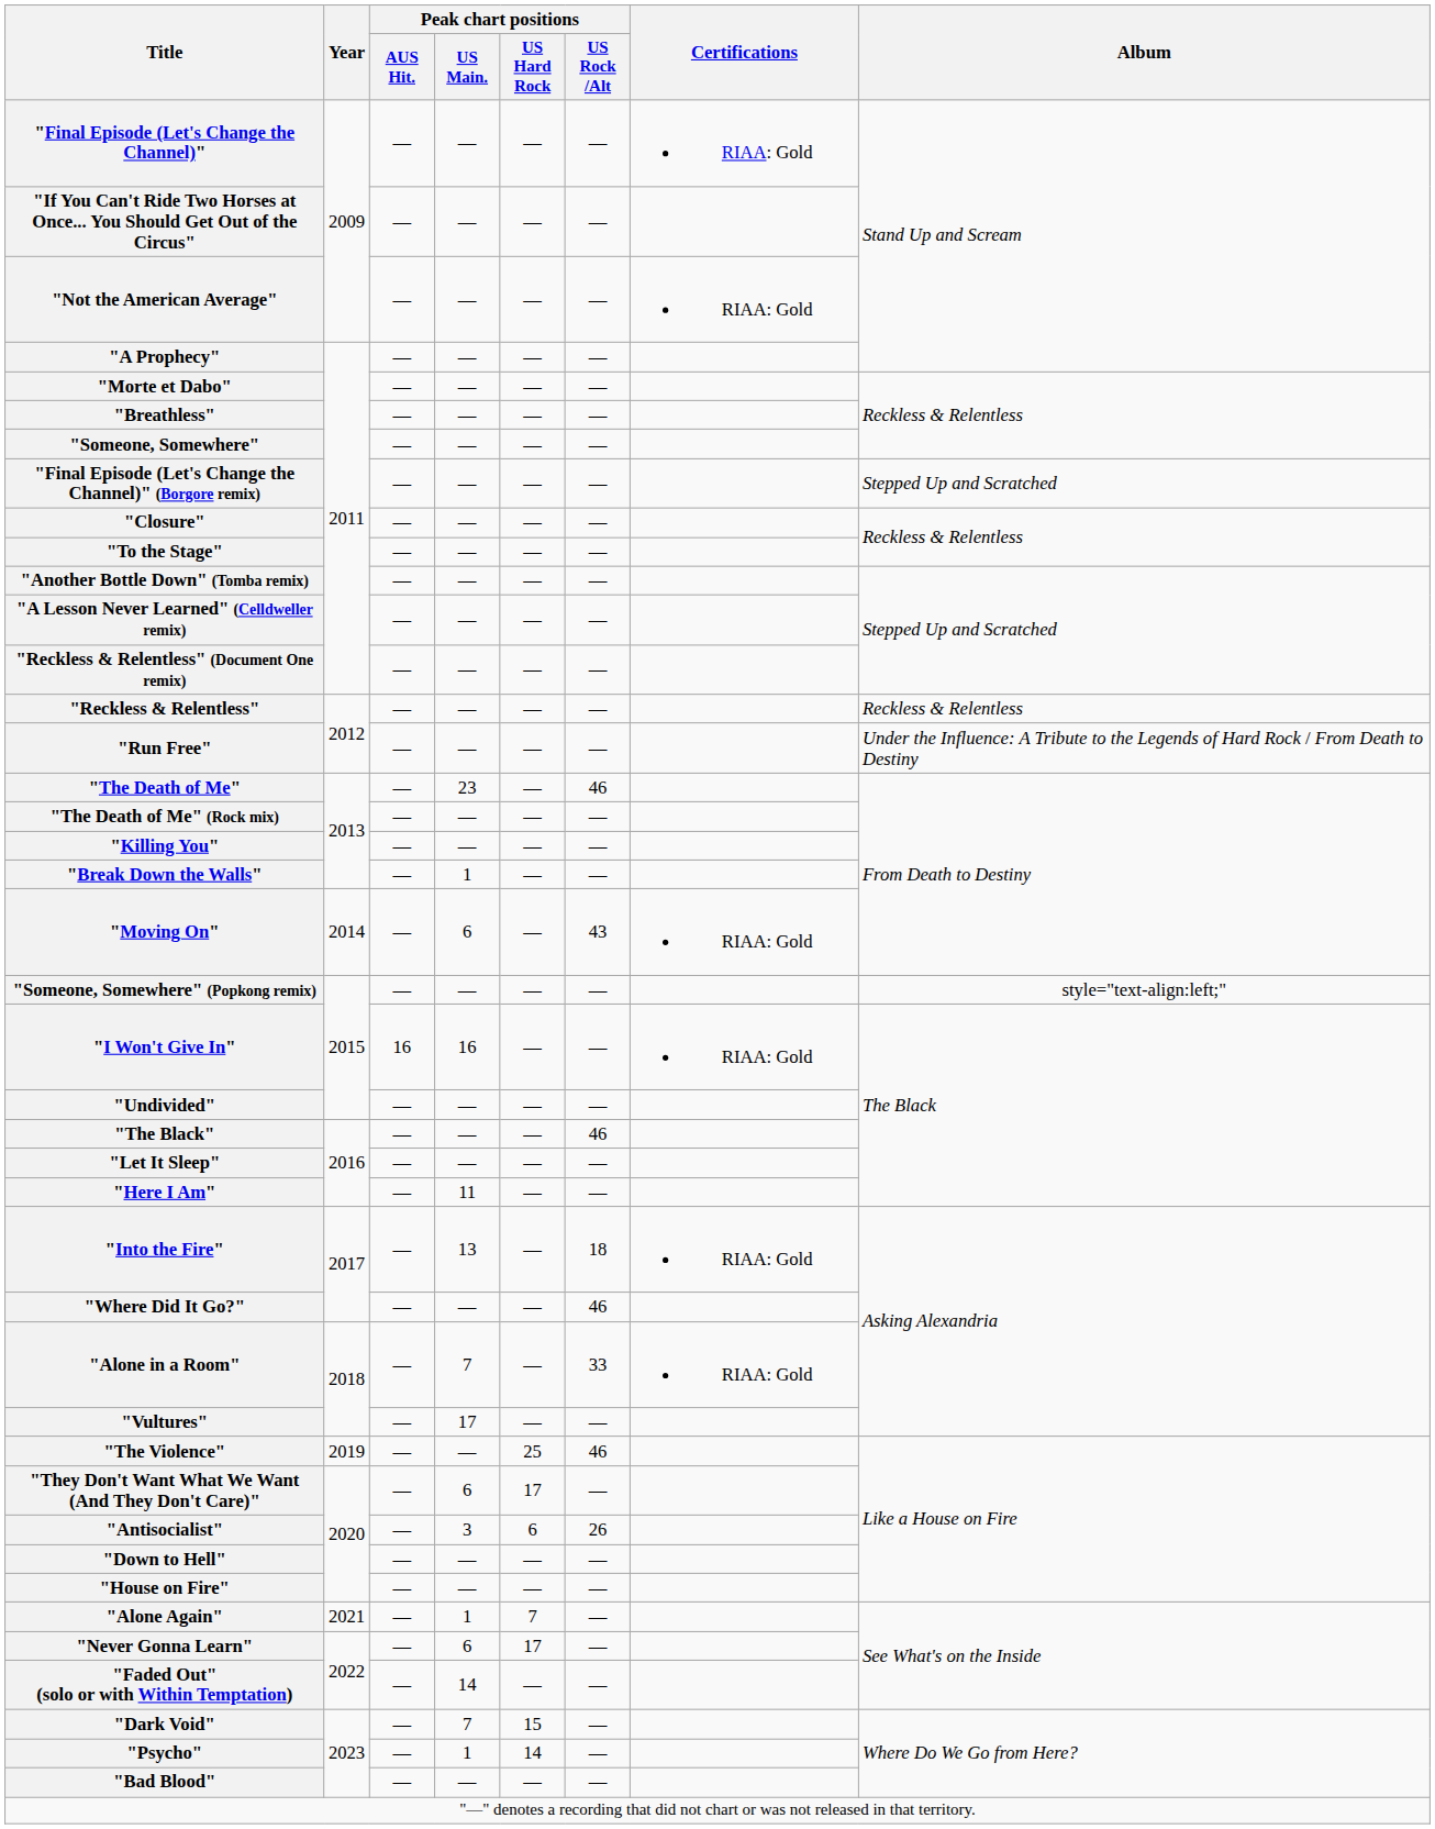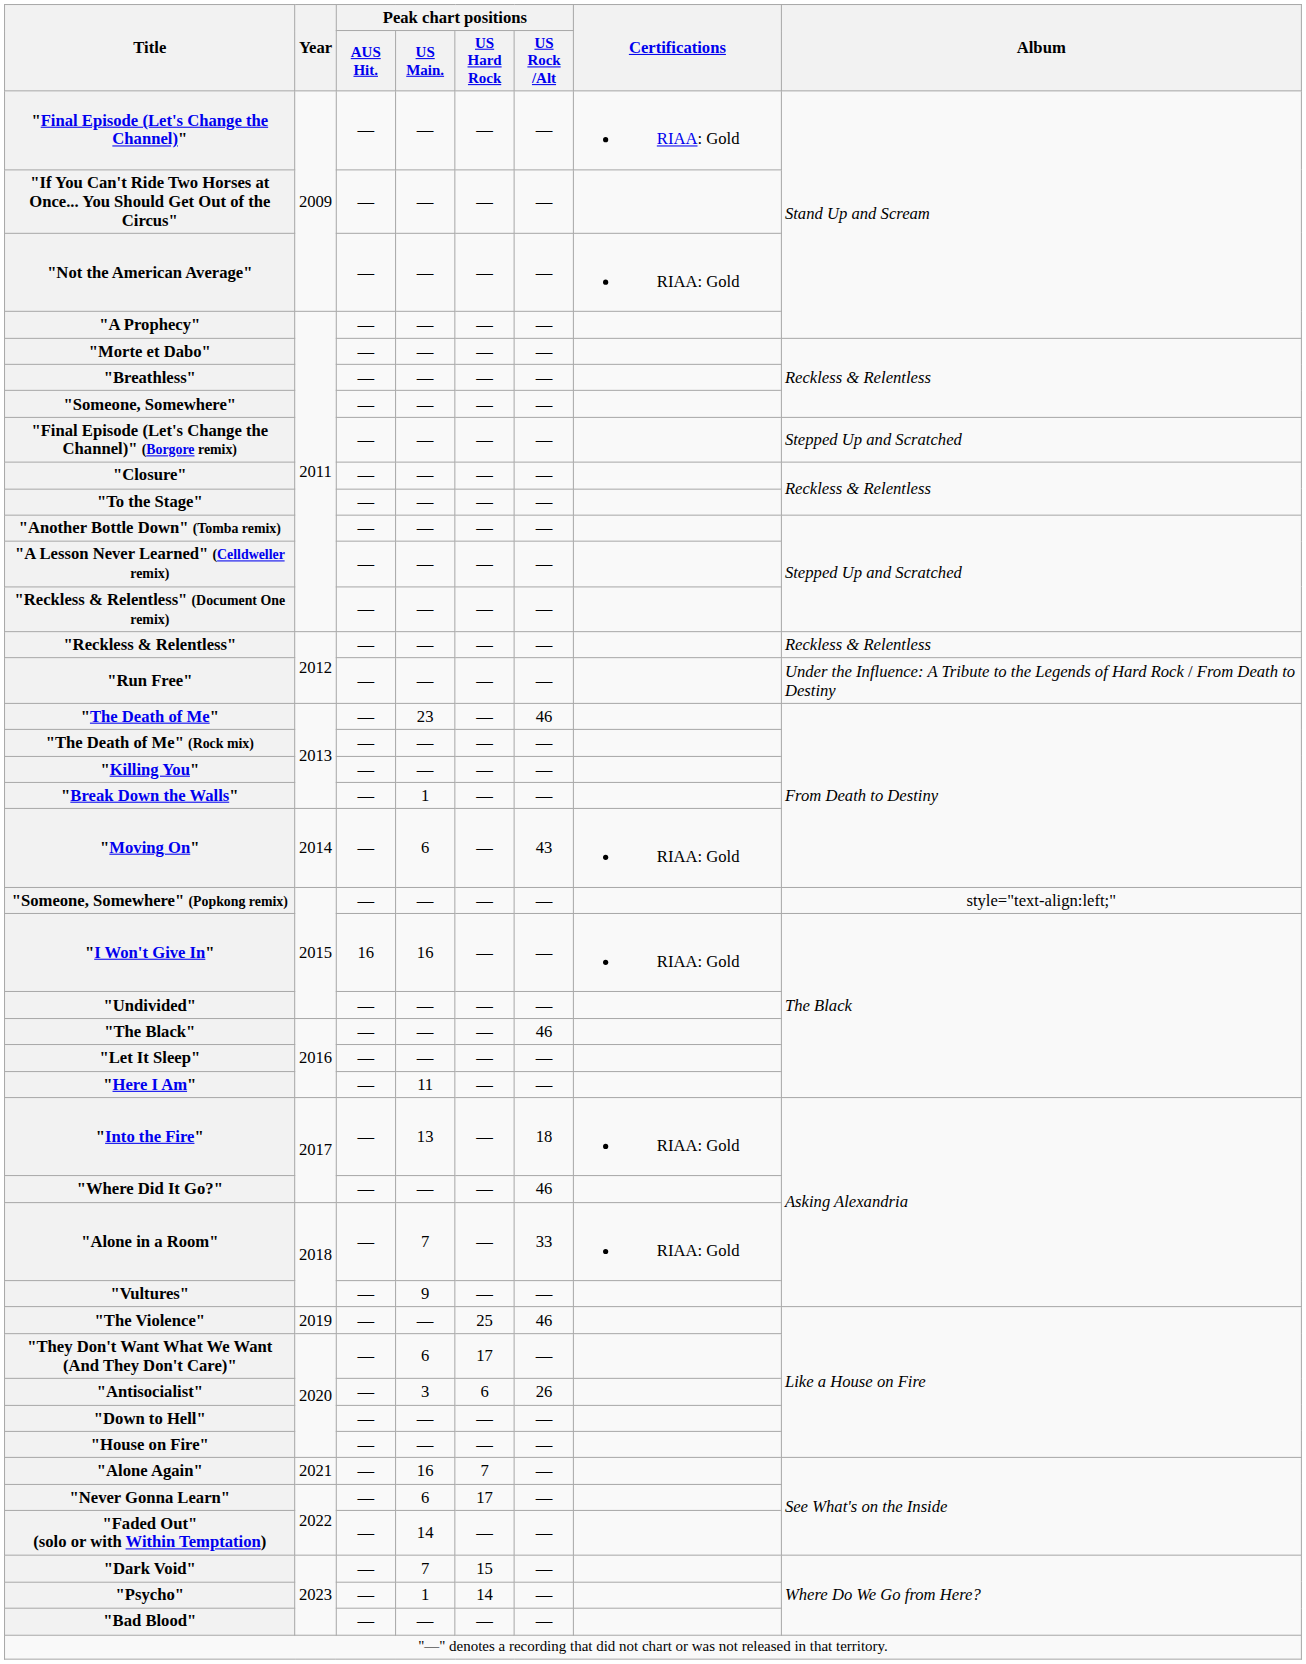 <table class="wikitable plainrowheaders" style="text-align:center;">
 <tr>
 <th scope="col" rowspan="2" style="width:17em;">Title</th>
 <th scope="col" rowspan="2">Year</th>
 <th scope="col" colspan="4">Peak chart positions</th>
 <th scope="col" rowspan="2" style="width:12em;"><a href='#'>Certifications</a></th>
 <th scope="col" rowspan="2">Album</th>
 </tr>
 <tr>
 <th style="width:3.5em;font-size:90%"><a href='#'>AUS<br>Hit.</a><br></th>
 <th style="width:3.5em;font-size:90%"><a href='#'>US<br>Main.</a><br></th>
 <th style="width:3.5em;font-size:90%"><a href='#'>US<br>Hard<br>Rock</a><br></th>
 <th style="width:3.5em;font-size:90%"><a href='#'>US<br>Rock<br>/Alt</a><br></th>
 </tr>
 <tr>
 <th scope="row">"<a href='#'>Final Episode (Let's Change the Channel)</a>"</th>
 <td rowspan="3">2009</td>
 <td>—</td>
 <td>—</td>
 <td>—</td>
 <td>—</td>
 <td><br><ul><li><a href='#'>RIAA</a>: Gold</li></ul></td>
 <td rowspan="4" style="text-align:left;"><em>Stand Up and Scream</em></td>
 </tr>
 <tr>
 <th scope="row">"If You Can't Ride Two Horses at Once... You Should Get Out of the Circus"</th>
 <td>—</td>
 <td>—</td>
 <td>—</td>
 <td>—</td>
 <td></td>
 </tr>
 <tr>
 <th scope="row">"Not the American Average"</th>
 <td>—</td>
 <td>—</td>
 <td>—</td>
 <td>—</td>
 <td><br><ul><li>RIAA: Gold</li></ul></td>
 </tr>
 <tr>
 <th scope="row">"A Prophecy"</th>
 <td rowspan="10">2011</td>
 <td>—</td>
 <td>—</td>
 <td>—</td>
 <td>—</td>
 <td></td>
 </tr>
 <tr>
 <th scope="row">"Morte et Dabo"</th>
 <td>—</td>
 <td>—</td>
 <td>—</td>
 <td>—</td>
 <td></td>
 <td rowspan="3" style="text-align:left;"><em>Reckless & Relentless</em></td>
 </tr>
 <tr>
 <th scope="row">"Breathless"</th>
 <td>—</td>
 <td>—</td>
 <td>—</td>
 <td>—</td>
 <td></td>
 </tr>
 <tr>
 <th scope="row">"Someone, Somewhere"</th>
 <td>—</td>
 <td>—</td>
 <td>—</td>
 <td>—</td>
 <td></td>
 </tr>
 <tr>
 <th scope="row">"Final Episode (Let's Change the Channel)" <small>(<a href='#'>Borgore</a> remix)</small></th>
 <td>—</td>
 <td>—</td>
 <td>—</td>
 <td>—</td>
 <td></td>
 <td style="text-align:left;"><em>Stepped Up and Scratched</em></td>
 </tr>
 <tr>
 <th scope="row">"Closure"</th>
 <td>—</td>
 <td>—</td>
 <td>—</td>
 <td>—</td>
 <td></td>
 <td rowspan="2" style="text-align:left;"><em>Reckless & Relentless</em></td>
 </tr>
 <tr>
 <th scope="row">"To the Stage"</th>
 <td>—</td>
 <td>—</td>
 <td>—</td>
 <td>—</td>
 <td></td>
 </tr>
 <tr>
 <th scope="row">"Another Bottle Down" <small>(Tomba remix)</small></th>
 <td>—</td>
 <td>—</td>
 <td>—</td>
 <td>—</td>
 <td></td>
 <td rowspan="3" style="text-align:left;"><em>Stepped Up and Scratched</em></td>
 </tr>
 <tr>
 <th scope="row">"A Lesson Never Learned" <small>(<a href='#'>Celldweller</a> remix)</small></th>
 <td>—</td>
 <td>—</td>
 <td>—</td>
 <td>—</td>
 <td></td>
 </tr>
 <tr>
 <th scope="row">"Reckless & Relentless" <small>(Document One remix)</small></th>
 <td>—</td>
 <td>—</td>
 <td>—</td>
 <td>—</td>
 <td></td>
 </tr>
 <tr>
 <th scope="row">"Reckless & Relentless"</th>
 <td rowspan="2">2012</td>
 <td>—</td>
 <td>—</td>
 <td>—</td>
 <td>—</td>
 <td></td>
 <td style="text-align:left;"><em>Reckless & Relentless</em></td>
 </tr>
 <tr>
 <th scope="row">"Run Free"</th>
 <td>—</td>
 <td>—</td>
 <td>—</td>
 <td>—</td>
 <td></td>
 <td style="text-align:left;"><em>Under the Influence: A Tribute to the Legends of Hard Rock</em> / <em>From Death to Destiny</em></td>
 </tr>
 <tr>
 <th scope="row">"<a href='#'>The Death of Me</a>"</th>
 <td rowspan="4">2013</td>
 <td>—</td>
 <td>23</td>
 <td>—</td>
 <td>46</td>
 <td></td>
 <td rowspan="5" style="text-align:left;"><em>From Death to Destiny</em></td>
 </tr>
 <tr>
 <th scope="row">"The Death of Me" <small>(Rock mix)</small></th>
 <td>—</td>
 <td>—</td>
 <td>—</td>
 <td>—</td>
 <td></td>
 </tr>
 <tr>
 <th scope="row">"<a href='#'>Killing You</a>"</th>
 <td>—</td>
 <td>—</td>
 <td>—</td>
 <td>—</td>
 <td></td>
 </tr>
 <tr>
 <th scope="row">"<a href='#'>Break Down the Walls</a>"</th>
 <td>—</td>
 <td>1</td>
 <td>—</td>
 <td>—</td>
 <td></td>
 </tr>
 <tr>
 <th scope="row">"<a href='#'>Moving On</a>"</th>
 <td>2014</td>
 <td>—</td>
 <td>6</td>
 <td>—</td>
 <td>43</td>
 <td><br><ul><li>RIAA: Gold</li></ul></td>
 </tr>
 <tr>
 <th scope="row">"Someone, Somewhere" <small>(Popkong remix)</small></th>
 <td rowspan="3">2015</td>
 <td>—</td>
 <td>—</td>
 <td>—</td>
 <td>—</td>
 <td></td>
 <td>style="text-align:left;" </td>
 </tr>
 <tr>
 <th scope="row">"<a href='#'>I Won't Give In</a>"</th>
 <td>16</td>
 <td>16</td>
 <td>—</td>
 <td>—</td>
 <td><br><ul><li>RIAA: Gold</li></ul></td>
 <td rowspan="5" style="text-align:left;"><em>The Black</em></td>
 </tr>
 <tr>
 <th scope="row">"Undivided"</th>
 <td>—</td>
 <td>—</td>
 <td>—</td>
 <td>—</td>
 <td></td>
 </tr>
 <tr>
 <th scope="row">"The Black"</th>
 <td rowspan="3">2016</td>
 <td>—</td>
 <td>—</td>
 <td>—</td>
 <td>46</td>
 <td></td>
 </tr>
 <tr>
 <th scope="row">"Let It Sleep"</th>
 <td>—</td>
 <td>—</td>
 <td>—</td>
 <td>—</td>
 <td></td>
 </tr>
 <tr>
 <th scope="row">"<a href='#'>Here I Am</a>"</th>
 <td>—</td>
 <td>11</td>
 <td>—</td>
 <td>—</td>
 <td></td>
 </tr>
 <tr>
 <th scope="row">"<a href='#'>Into the Fire</a>"</th>
 <td rowspan="2">2017</td>
 <td>—</td>
 <td>13</td>
 <td>—</td>
 <td>18</td>
 <td><br><ul><li>RIAA: Gold</li></ul></td>
 <td rowspan="4" style="text-align:left;"><em>Asking Alexandria</em></td>
 </tr>
 <tr>
 <th scope="row">"Where Did It Go?"</th>
 <td>—</td>
 <td>—</td>
 <td>—</td>
 <td>46</td>
 <td></td>
 </tr>
 <tr>
 <th scope="row">"Alone in a Room"</th>
 <td rowspan="2">2018</td>
 <td>—</td>
 <td>7</td>
 <td>—</td>
 <td>33</td>
 <td><br><ul><li>RIAA: Gold</li></ul></td>
 </tr>
 <tr>
 <th scope="row">"Vultures"</th>
 <td>—</td>
-<td>17</td>
+<td>9</td>
 <td>—</td>
 <td>—</td>
 <td></td>
 </tr>
 <tr>
 <th scope="row">"The Violence"</th>
 <td>2019</td>
 <td>—</td>
 <td>—</td>
 <td>25</td>
 <td>46</td>
 <td></td>
 <td rowspan="5" style="text-align:left;"><em>Like a House on Fire</em></td>
 </tr>
 <tr>
 <th scope="row">"They Don't Want What We Want (And They Don't Care)"</th>
 <td rowspan="4">2020</td>
 <td>—</td>
 <td>6</td>
 <td>17</td>
 <td>—</td>
 <td></td>
 </tr>
 <tr>
 <th scope="row">"Antisocialist"</th>
 <td>—</td>
 <td>3</td>
 <td>6</td>
 <td>26</td>
 <td></td>
 </tr>
 <tr>
 <th scope="row">"Down to Hell"</th>
 <td>—</td>
 <td>—</td>
 <td>—</td>
 <td>—</td>
 <td></td>
 </tr>
 <tr>
 <th scope="row">"House on Fire"</th>
 <td>—</td>
 <td>—</td>
 <td>—</td>
 <td>—</td>
 <td></td>
 </tr>
 <tr>
 <th scope="row">"Alone Again"</th>
 <td>2021</td>
 <td>—</td>
-<td>1</td>
+<td>16</td>
 <td>7</td>
 <td>—</td>
 <td></td>
 <td rowspan="3" style="text-align:left;"><em>See What's on the Inside</em></td>
 </tr>
 <tr>
 <th scope="row">"Never Gonna Learn"</th>
 <td rowspan="2">2022</td>
 <td>—</td>
 <td>6</td>
 <td>17</td>
 <td>—</td>
 <td></td>
 </tr>
 <tr>
 <th scope="row">"Faded Out"<br><span>(solo or with <a href='#'>Within Temptation</a>)</span></th>
 <td>—</td>
 <td>14</td>
 <td>—</td>
 <td>—</td>
 <td></td>
 </tr>
 <tr>
 <th scope="row">"Dark Void"</th>
 <td rowspan="3">2023</td>
 <td>—</td>
 <td>7</td>
 <td>15</td>
 <td>—</td>
 <td></td>
 <td rowspan="3" style="text-align:left;"><em>Where Do We Go from Here?</em></td>
 </tr>
 <tr>
 <th scope="row">"Psycho"</th>
 <td>—</td>
 <td>1</td>
 <td>14</td>
 <td>—</td>
 <td></td>
 </tr>
 <tr>
 <th scope="row">"Bad Blood"</th>
 <td>—</td>
 <td>—</td>
 <td>—</td>
 <td>—</td>
 <td></td>
 </tr>
 <tr>
 <td colspan="8" style="font-size:90%">"—" denotes a recording that did not chart or was not released in that territory.</td>
 </tr>
 </table>
